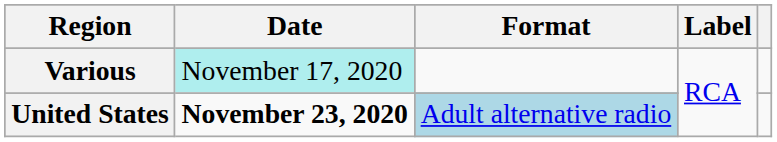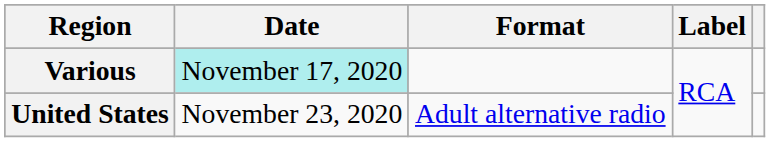 <table class="wikitable plainrowheaders">
 <tr>
 <th scope="col">Region</th>
 <th scope="col">Date</th>
 <th scope="col">Format</th>
 <th scope="col">Label</th>
 <th scope="col"></th>
 </tr>
 <tr>
 <th scope="row">Various</th>
 <td style="background: paleturquoise;">November 17, 2020</td>
 <td></td>
 <td rowspan="2"><a href='#'>RCA</a></td>
 <td style="text-align:center;"></td>
 </tr>
 <tr>
 <th scope="row">United States</th>
-<td><strong>November 23, 2020</strong></td>
-<td style="background: lightblue;"><a href='#'>Adult alternative radio</a></td>
+<td>November 23, 2020</td>
+<td><a href='#'>Adult alternative radio</a></td>
 <td style="text-align:center;"></td>
 </tr>
 </table>
